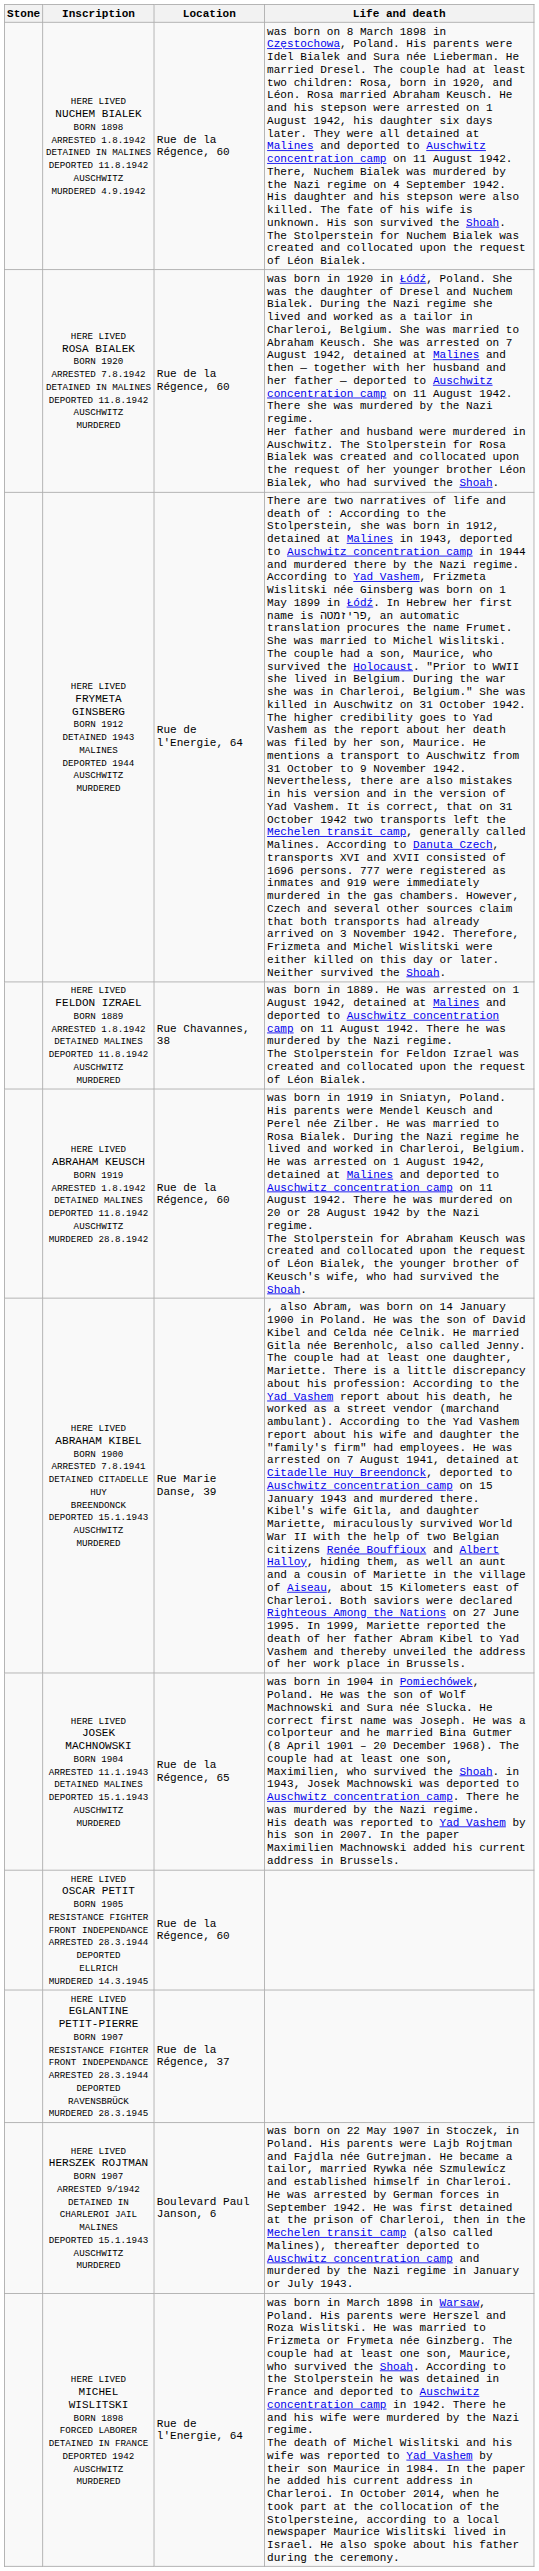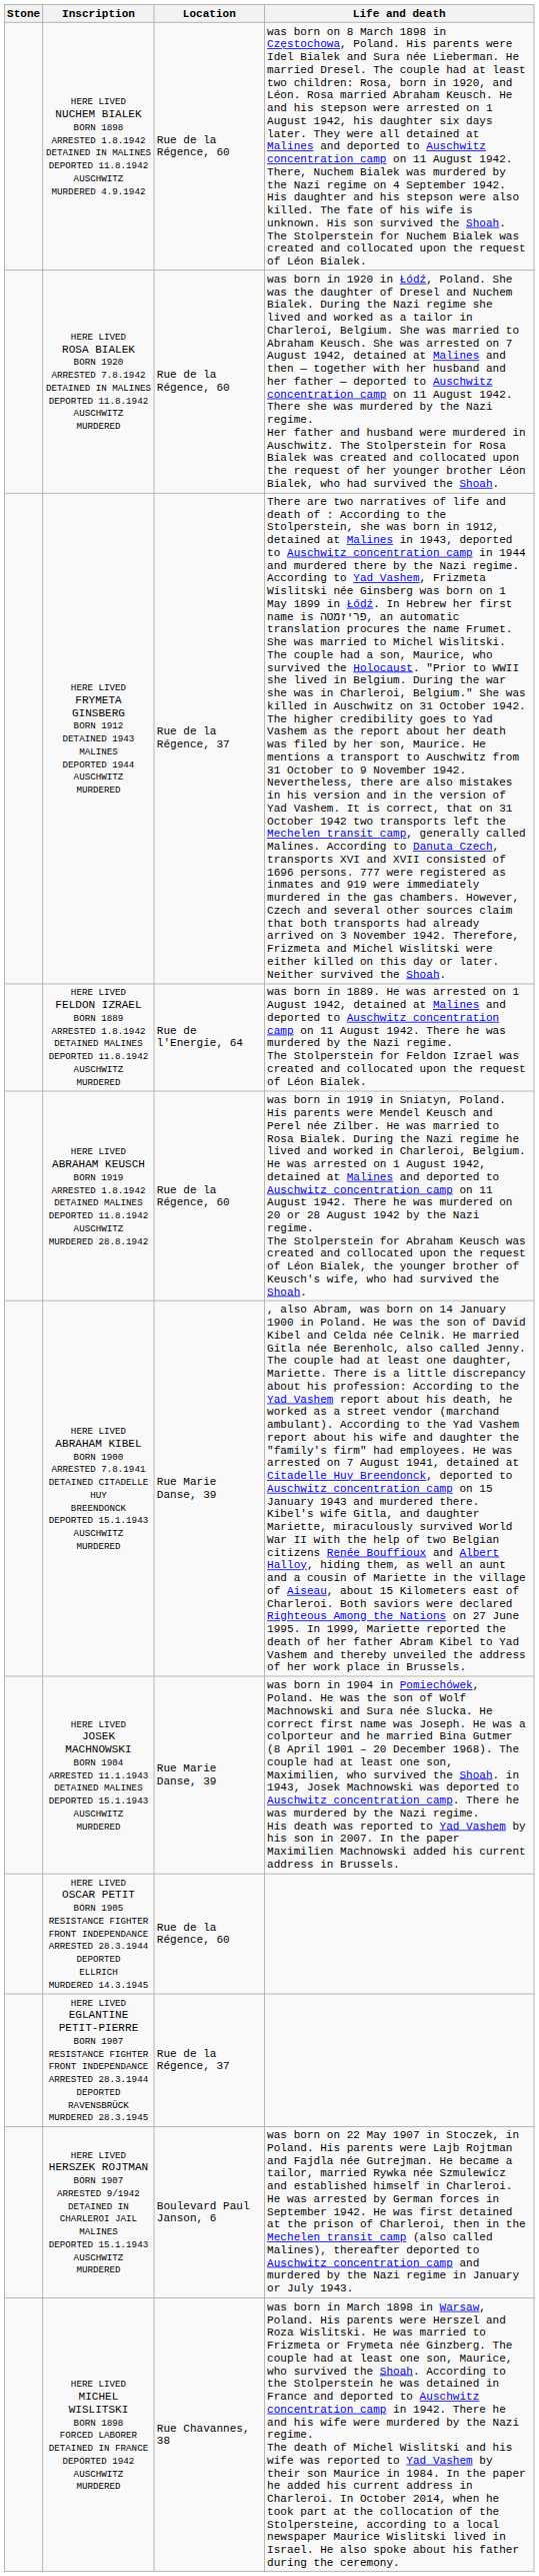 <table class="wikitable sortable toptextcells" style="width:100%">
 <tr>
 <th class="hintergrundfarbe6 unsortable" width="120px">Stone</th>
 <th class="hintergrundfarbe6 unsortable" style ="width:22%;">Inscription</th>
 <th class="hintergrundfarbe6" data-sort-type="text" style ="width:22%;">Location</th>
 <th class="hintergrundfarbe6" style="width:100%;">Life and death</th>
 </tr>
 <tr>
 <td></td>
 <td style="text-align:center"><div><small>HERE LIVED</small><br>NUCHEM BIALEK<br><small>BORN 1898<br>ARRESTED 1.8.1942<br>DETAINED IN MALINES<br>DEPORTED 11.8.1942<br>AUSCHWITZ<br>MURDERED 4.9.1942</small></div></td>
 <td>Rue de la Régence, 60<br></td>
 <td><strong></strong> was born on 8 March 1898 in <a href='#'>Częstochowa</a>, Poland. His parents were Idel Bialek and Sura née Lieberman. He married Dresel. The couple had at least two children: Rosa, born in 1920, and Léon. Rosa married Abraham Keusch. He and his stepson were arrested on 1 August 1942, his daughter six days later. They were all detained at <a href='#'>Malines</a> and deported to <a href='#'>Auschwitz concentration camp</a> on 11 August 1942. There, Nuchem Bialek was murdered by the Nazi regime on 4 September 1942.<br>His daughter and his stepson were also killed. The fate of his wife is unknown. His son survived the <a href='#'>Shoah</a>. The Stolperstein for Nuchem Bialek was created and collocated upon the request of Léon Bialek.</td>
 </tr>
 <tr>
 <td></td>
 <td style="text-align:center"><div><small>HERE LIVED</small><br>ROSA BIALEK<br><small>BORN 1920<br>ARRESTED 7.8.1942<br>DETAINED IN MALINES<br>DEPORTED 11.8.1942<br>AUSCHWITZ<br>MURDERED</small></div></td>
 <td>Rue de la Régence, 60<br></td>
 <td><strong></strong> was born in 1920 in <a href='#'>Łódź</a>, Poland. She was the daughter of Dresel and Nuchem Bialek. During the Nazi regime she lived and worked as a tailor in Charleroi, Belgium. She was married to Abraham Keusch. She was arrested on 7 August 1942, detained at <a href='#'>Malines</a> and then — together with her husband and her father — deported to <a href='#'>Auschwitz concentration camp</a> on 11 August 1942. There she was murdered by the Nazi regime.<br>Her father and husband were murdered in Auschwitz. The Stolperstein for Rosa Bialek was created and collocated upon the request of her younger brother Léon Bialek, who had survived the <a href='#'>Shoah</a>.</td>
 </tr>
 <tr>
 <td></td>
 <td style="text-align:center"><div><small>HERE LIVED</small><br>FRYMETA GINSBERG<br><small>BORN 1912<br>DETAINED 1943 MALINES<br>DEPORTED 1944<br>AUSCHWITZ<br>MURDERED</small></div></td>
-<td>Rue de l'Energie, 64<br></td>
+<td>Rue de la Régence, 37</td>
 <td>There are two narratives of life and death of <strong></strong>: According to the Stolperstein, she was born in 1912, detained at <a href='#'>Malines</a> in 1943, deported to <a href='#'>Auschwitz concentration camp</a> in 1944 and murdered there by the Nazi regime.<br>According to <a href='#'>Yad Vashem</a>, Frizmeta Wislitski née Ginsberg was born on 1 May 1899 in <a href='#'>Łódź</a>. In Hebrew her first name is פריזמטה, an automatic translation procures the name Frumet. She was married to Michel Wislitski. The couple had a son, Maurice, who survived the <a href='#'>Holocaust</a>. ″Prior to WWII she lived in Belgium. During the war she was in Charleroi, Belgium.″ She was killed in Auschwitz on 31 October 1942.<br>The higher credibility goes to Yad Vashem as the report about her death was filed by her son, Maurice. He mentions a transport to Auschwitz from 31 October to 9 November 1942. Nevertheless, there are also mistakes in his version and in the version of Yad Vashem. It is correct, that on 31 October 1942 two transports left the  <a href='#'>Mechelen transit camp</a>, generally called Malines. According to <a href='#'>Danuta Czech</a>, transports XVI and XVII consisted of 1696 persons. 777 were registered as inmates and 919 were immediately murdered in the gas chambers. However, Czech and several other sources claim that both transports had already arrived on 3 November 1942. Therefore, Frizmeta and Michel Wislitski were either killed on this day or later. Neither survived the <a href='#'>Shoah</a>.</td>
 </tr>
 <tr>
 <td></td>
 <td style="text-align:center"><div><small>HERE LIVED</small><br>FELDON IZRAEL<br><small>BORN 1889<br>ARRESTED 1.8.1942<br>DETAINED MALINES<br>DEPORTED 11.8.1942<br>AUSCHWITZ<br>MURDERED</small></div></td>
-<td>Rue Chavannes, 38<br></td>
+<td>Rue de l'Energie, 64<br></td>
 <td><strong></strong> was born in 1889. He was arrested on 1 August 1942, detained at <a href='#'>Malines</a> and deported to <a href='#'>Auschwitz concentration camp</a> on 11 August 1942. There he was murdered by the Nazi regime.<br>The Stolperstein for Feldon Izrael was created and collocated upon the request of Léon Bialek.</td>
 </tr>
 <tr>
 <td></td>
 <td style="text-align:center"><div><small>HERE LIVED</small><br>ABRAHAM KEUSCH<br><small>BORN 1919<br>ARRESTED 1.8.1942<br>DETAINED MALINES<br>DEPORTED 11.8.1942<br>AUSCHWITZ<br>MURDERED 28.8.1942</small></div></td>
 <td>Rue de la Régence, 60<br></td>
 <td><strong></strong> was born in 1919 in Sniatyn, Poland. His parents were Mendel Keusch and Perel née Zilber. He was married to Rosa Bialek. During the Nazi regime he lived and worked in Charleroi, Belgium. He was arrested on 1 August 1942, detained at <a href='#'>Malines</a> and deported to <a href='#'>Auschwitz concentration camp</a> on 11 August 1942. There he was murdered on 20 or 28 August 1942 by the Nazi regime.<br>The Stolperstein for Abraham Keusch was created and collocated upon the request of Léon Bialek, the younger brother of Keusch's wife, who had survived the <a href='#'>Shoah</a>.</td>
 </tr>
 <tr>
 <td></td>
 <td style="text-align:center"><div><small>HERE LIVED</small><br>ABRAHAM KIBEL<br><small>BORN 1900<br>ARRESTED 7.8.1941<br>DETAINED CITADELLE HUY<br>BREENDONCK<br>DEPORTED 15.1.1943<br>AUSCHWITZ<br>MURDERED</small></div></td>
 <td>Rue Marie Danse, 39<br></td>
 <td><strong></strong>, also Abram, was born on 14 January 1900 in Poland. He was the son of David Kibel and Celda née Celnik. He married Gitla née Berenholc, also called Jenny. The couple had at least one daughter, Mariette. There is a little discrepancy about his profession: According to the <a href='#'>Yad Vashem</a> report about his death, he worked as a street vendor (marchand ambulant). According to the Yad Vashem report about his wife and daughter the ″family's firm″ had employees. He was arrested on 7 August 1941, detained at <a href='#'>Citadelle Huy Breendonck</a>, deported to <a href='#'>Auschwitz concentration camp</a> on 15 January 1943 and murdered there.<br>Kibel's wife Gitla, and daughter Mariette, miraculously survived World War II with the help of two Belgian citizens <a href='#'>Renée Bouffioux</a> and <a href='#'>Albert Halloy</a>, hiding them, as well an aunt and a cousin of Mariette in the village of <a href='#'>Aiseau</a>, about 15 Kilometers east of Charleroi. Both saviors were declared <a href='#'>Righteous Among the Nations</a> on 27 June 1995. In 1999, Mariette reported the death of her father Abram Kibel to Yad Vashem and thereby unveiled the address of her work place in Brussels.</td>
 </tr>
 <tr>
 <td></td>
 <td style="text-align:center"><div><small>HERE LIVED</small><br>JOSEK MACHNOWSKI<br><small>BORN 1904<br>ARRESTED 11.1.1943<br>DETAINED MALINES<br>DEPORTED 15.1.1943<br>AUSCHWITZ<br>MURDERED</small></div></td>
-<td>Rue de la Régence, 65<br></td>
+<td>Rue Marie Danse, 39<br></td>
 <td><strong></strong> was born in 1904 in <a href='#'>Pomiechówek</a>, Poland. He was the son of Wolf Machnowski and Sura née Slucka. He correct first name was Joseph. He was a colporteur and he married Bina Gutmer (8 April 1901 – 20 December 1968). The couple had at least one son, Maximilien, who survived the <a href='#'>Shoah</a>. in 1943, Josek Machnowski was deported to <a href='#'>Auschwitz concentration camp</a>. There he was murdered by the Nazi regime.<br>His death was reported to <a href='#'>Yad Vashem</a> by his son in 2007. In the paper Maximilien Machnowski added his current address in Brussels.</td>
 </tr>
 <tr>
 <td></td>
 <td style="text-align:center"><div><small>HERE LIVED</small><br>OSCAR PETIT<br><small>BORN 1905<br>RESISTANCE FIGHTER<br>FRONT INDEPENDANCE<br>ARRESTED 28.3.1944<br>DEPORTED<br>ELLRICH<br>MURDERED 14.3.1945</small></div></td>
 <td>Rue de la Régence, 60<br></td>
 <td><strong></strong></td>
 </tr>
 <tr>
 <td></td>
 <td style="text-align:center"><div><small>HERE LIVED</small><br>EGLANTINE<br>PETIT-PIERRE<br><small>BORN 1907<br>RESISTANCE FIGHTER<br>FRONT INDEPENDANCE<br>ARRESTED 28.3.1944<br>DEPORTED<br>RAVENSBRÜCK<br>MURDERED 28.3.1945</small></div></td>
 <td>Rue de la Régence, 37</td>
 <td><strong></strong></td>
 </tr>
 <tr>
 <td></td>
 <td style="text-align:center"><div><small>HERE LIVED</small><br>HERSZEK ROJTMAN<br><small>BORN 1907<br>ARRESTED 9/1942<br>DETAINED IN CHARLEROI JAIL<br>MALINES<br>DEPORTED 15.1.1943<br>AUSCHWITZ<br>MURDERED</small></div></td>
 <td>Boulevard Paul Janson, 6<br></td>
 <td><strong></strong> was born on 22 May 1907 in Stoczek, in Poland. His parents were Lajb Rojtman and Fajdla née Gutrejman. He became a tailor, married Rywka née Szmulewícz and established himself in Charleroi. He was arrested by German forces in September 1942. He was first detained at the prison of Charleroi, then in the <a href='#'>Mechelen transit camp</a> (also called Malines), thereafter deported to <a href='#'>Auschwitz concentration camp</a> and murdered by the Nazi regime in January or July 1943.</td>
 </tr>
 <tr>
 <td></td>
 <td style="text-align:center"><div><small>HERE LIVED</small><br>MICHEL WISLITSKI<br><small>BORN 1898<br>FORCED LABORER<br>DETAINED IN FRANCE<br>DEPORTED 1942<br>AUSCHWITZ<br>MURDERED</small></div></td>
-<td>Rue de l'Energie, 64<br></td>
+<td>Rue Chavannes, 38<br></td>
 <td><strong></strong> was born in March 1898 in <a href='#'>Warsaw</a>, Poland. His parents were Herszel and Roza Wislitski. He was married to Frizmeta or Frymeta née Ginzberg. The couple had at least one son, Maurice, who survived the <a href='#'>Shoah</a>. According to the Stolperstein he was detained in France and deported to <a href='#'>Auschwitz concentration camp</a> in 1942. There he and his wife were murdered by the Nazi regime.<br>The death of Michel Wislitski and his wife was reported to <a href='#'>Yad Vashem</a> by their son Maurice in 1984. In the paper he added his current address in Charleroi. In October 2014, when he took part at the collocation of the Stolpersteine, according to a local newspaper Maurice Wislitski lived in Israel. He also spoke about his father during the ceremony.</td>
 </tr>
 </table>
